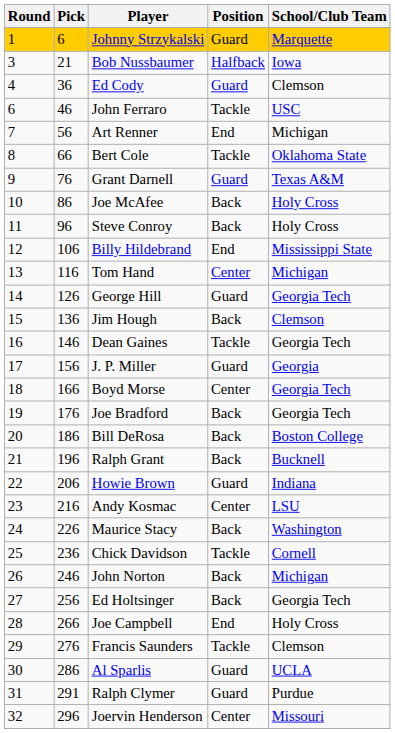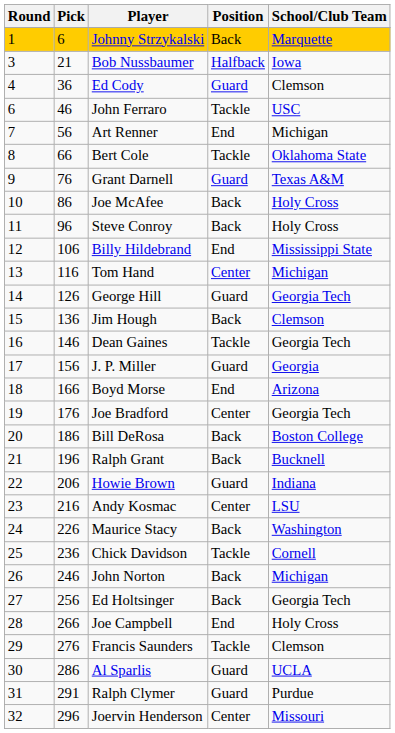 <table class="wikitable sortable sortable">
 <tr>
 <th>Round</th>
 <th>Pick</th>
 <th>Player</th>
 <th>Position</th>
 <th>School/Club Team</th>
 </tr>
 <tr>
 </tr>
 <tr bgcolor="#FFCC00">
 <td>1</td>
 <td>6</td>
 <td><a href='#'>Johnny Strzykalski</a></td>
-<td>Guard</td>
+<td>Back</td>
 <td><a href='#'>Marquette</a></td>
 </tr>
 <tr>
 <td>3</td>
 <td>21</td>
 <td><a href='#'>Bob Nussbaumer</a></td>
 <td><a href='#'>Halfback</a></td>
 <td><a href='#'>Iowa</a></td>
 </tr>
 <tr>
 <td>4</td>
 <td>36</td>
 <td><a href='#'>Ed Cody</a></td>
 <td><a href='#'>Guard</a></td>
 <td>Clemson</td>
 </tr>
 <tr>
 <td>6</td>
 <td>46</td>
 <td>John Ferraro</td>
 <td>Tackle</td>
 <td><a href='#'>USC</a></td>
 </tr>
 <tr>
 <td>7</td>
 <td>56</td>
 <td>Art Renner</td>
 <td>End</td>
 <td>Michigan</td>
 </tr>
 <tr>
 <td>8</td>
 <td>66</td>
 <td>Bert Cole</td>
 <td>Tackle</td>
 <td><a href='#'>Oklahoma State</a></td>
 </tr>
 <tr>
 <td>9</td>
 <td>76</td>
 <td>Grant Darnell</td>
 <td><a href='#'>Guard</a></td>
 <td><a href='#'>Texas A&M</a></td>
 </tr>
 <tr>
 <td>10</td>
 <td>86</td>
 <td>Joe McAfee</td>
 <td>Back</td>
 <td><a href='#'>Holy Cross</a></td>
 </tr>
 <tr>
 <td>11</td>
 <td>96</td>
 <td>Steve Conroy</td>
 <td>Back</td>
 <td>Holy Cross</td>
 </tr>
 <tr>
 <td>12</td>
 <td>106</td>
 <td><a href='#'>Billy Hildebrand</a></td>
 <td>End</td>
 <td><a href='#'>Mississippi State</a></td>
 </tr>
 <tr>
 <td>13</td>
 <td>116</td>
 <td>Tom Hand</td>
 <td><a href='#'>Center</a></td>
 <td><a href='#'>Michigan</a></td>
 </tr>
 <tr>
 <td>14</td>
 <td>126</td>
 <td>George Hill</td>
 <td>Guard</td>
 <td><a href='#'>Georgia Tech</a></td>
 </tr>
 <tr>
 <td>15</td>
 <td>136</td>
 <td>Jim Hough</td>
 <td>Back</td>
 <td><a href='#'>Clemson</a></td>
 </tr>
 <tr>
 <td>16</td>
 <td>146</td>
 <td>Dean Gaines</td>
 <td>Tackle</td>
 <td>Georgia Tech</td>
 </tr>
 <tr>
 <td>17</td>
 <td>156</td>
 <td>J. P. Miller</td>
 <td>Guard</td>
 <td><a href='#'>Georgia</a></td>
 </tr>
 <tr>
 <td>18</td>
 <td>166</td>
 <td>Boyd Morse</td>
-<td>Center</td>
-<td><a href='#'>Georgia Tech</a></td>
+<td>End</td>
+<td><a href='#'>Arizona</a></td>
 </tr>
 <tr>
 <td>19</td>
 <td>176</td>
 <td>Joe Bradford</td>
-<td>Back</td>
+<td>Center</td>
 <td>Georgia Tech</td>
 </tr>
 <tr>
 <td>20</td>
 <td>186</td>
 <td>Bill DeRosa</td>
 <td>Back</td>
 <td><a href='#'>Boston College</a></td>
 </tr>
 <tr>
 <td>21</td>
 <td>196</td>
 <td>Ralph Grant</td>
 <td>Back</td>
 <td><a href='#'>Bucknell</a></td>
 </tr>
 <tr>
 <td>22</td>
 <td>206</td>
 <td><a href='#'>Howie Brown</a></td>
 <td>Guard</td>
 <td><a href='#'>Indiana</a></td>
 </tr>
 <tr>
 <td>23</td>
 <td>216</td>
 <td>Andy Kosmac</td>
 <td>Center</td>
 <td><a href='#'>LSU</a></td>
 </tr>
 <tr>
 <td>24</td>
 <td>226</td>
 <td>Maurice Stacy</td>
 <td>Back</td>
 <td><a href='#'>Washington</a></td>
 </tr>
 <tr>
 <td>25</td>
 <td>236</td>
 <td>Chick Davidson</td>
 <td>Tackle</td>
 <td><a href='#'>Cornell</a></td>
 </tr>
 <tr>
 <td>26</td>
 <td>246</td>
 <td>John Norton</td>
 <td>Back</td>
 <td><a href='#'>Michigan</a></td>
 </tr>
 <tr>
 <td>27</td>
 <td>256</td>
 <td>Ed Holtsinger</td>
 <td>Back</td>
 <td>Georgia Tech</td>
 </tr>
 <tr>
 <td>28</td>
 <td>266</td>
 <td>Joe Campbell</td>
 <td>End</td>
 <td>Holy Cross</td>
 </tr>
 <tr>
 <td>29</td>
 <td>276</td>
 <td>Francis Saunders</td>
 <td>Tackle</td>
 <td>Clemson</td>
 </tr>
 <tr>
 <td>30</td>
 <td>286</td>
 <td><a href='#'>Al Sparlis</a></td>
 <td>Guard</td>
 <td><a href='#'>UCLA</a></td>
 </tr>
 <tr>
 <td>31</td>
 <td>291</td>
 <td>Ralph Clymer</td>
 <td>Guard</td>
 <td>Purdue</td>
 </tr>
 <tr>
 <td>32</td>
 <td>296</td>
 <td>Joervin Henderson</td>
 <td>Center</td>
 <td><a href='#'>Missouri</a></td>
 </tr>
 </table>
